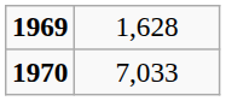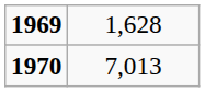 <table class="wikitable" style="text-align: center">
 <tr>
 <td><strong>1969</strong></td>
 <td scope="col" style="width: 75px;">1,628</td>
 </tr>
 <tr>
 <td><strong>1970</strong></td>
-<td>7,033</td>
+<td>7,013</td>
 </tr>
 </table>
